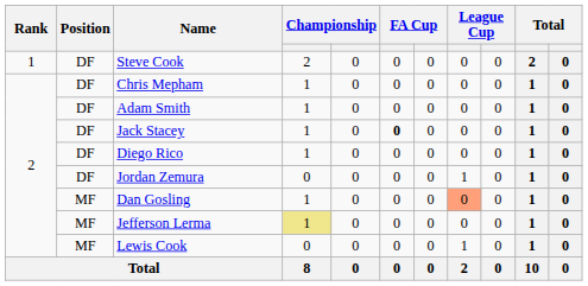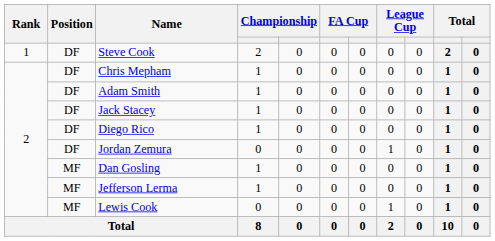 <table class="wikitable" style="text-align: center;">
 <tr>
 <th rowspan="2" style="width:50px;">Rank</th>
 <th rowspan="2" style="width:50px;">Position</th>
 <th rowspan="2" style="width:180px;">Name</th>
 <th colspan="2"><a href='#'>Championship</a></th>
 <th colspan="2"><a href='#'>FA Cup</a></th>
 <th colspan="2"><a href='#'>League Cup</a></th>
 <th colspan="2"><strong>Total</strong></th>
 </tr>
 <tr>
 <th style="width:30px;"></th>
 <th style="width:30px;"></th>
 <th style="width:30px;"></th>
 <th style="width:30px;"></th>
 <th style="width:30px;"></th>
 <th style="width:30px;"></th>
 <th style="width:30px;"></th>
 <th style="width:30px;"></th>
 </tr>
 <tr>
 <td rowspan=1>1</td>
 <td>DF</td>
 <td align=left> <a href='#'>Steve Cook</a><br></td>
 <td>2</td>
 <td>0<br></td>
 <td>0</td>
 <td>0<br></td>
 <td>0</td>
 <td>0<br></td>
 <th>2</th>
 <th>0</th>
 </tr>
 <tr>
 <td rowspan=8>2</td>
 <td>DF</td>
 <td align=left> <a href='#'>Chris Mepham</a><br></td>
 <td>1</td>
 <td>0<br></td>
 <td>0</td>
 <td>0<br></td>
 <td>0</td>
 <td>0<br></td>
 <th>1</th>
 <th>0</th>
 </tr>
 <tr>
 <td>DF</td>
 <td align=left> <a href='#'>Adam Smith</a><br></td>
 <td>1</td>
 <td>0<br></td>
 <td>0</td>
 <td>0<br></td>
 <td>0</td>
 <td>0<br></td>
 <th>1</th>
 <th>0</th>
 </tr>
 <tr>
 <td>DF</td>
 <td align=left> <a href='#'>Jack Stacey</a><br></td>
 <td>1</td>
 <td>0<br></td>
-<td><strong>0</strong></td>
+<td>0</td>
 <td>0<br></td>
 <td>0</td>
 <td>0<br></td>
 <th>1</th>
 <th>0</th>
 </tr>
 <tr>
 <td>DF</td>
 <td align=left> <a href='#'>Diego Rico</a><br></td>
 <td>1</td>
 <td>0<br></td>
 <td>0</td>
 <td>0<br></td>
 <td>0</td>
 <td>0<br></td>
 <th>1</th>
 <th>0</th>
 </tr>
 <tr>
 <td>DF</td>
 <td align=left> <a href='#'>Jordan Zemura</a><br></td>
 <td>0</td>
 <td>0<br></td>
 <td>0</td>
 <td>0<br></td>
 <td>1</td>
 <td>0<br></td>
 <th>1</th>
 <th>0</th>
 </tr>
 <tr>
 <td>MF</td>
 <td align=left> <a href='#'>Dan Gosling</a><br></td>
 <td>1</td>
 <td>0<br></td>
 <td>0</td>
 <td>0<br></td>
-<td style="background: lightsalmon;">0</td>
+<td>0</td>
 <td>0<br></td>
 <th>1</th>
 <th>0</th>
 </tr>
 <tr>
 <td>MF</td>
 <td align=left> <a href='#'>Jefferson Lerma</a><br></td>
-<td style="background: khaki;">1</td>
+<td>1</td>
 <td>0<br></td>
 <td>0</td>
 <td>0<br></td>
 <td>0</td>
 <td>0<br></td>
 <th>1</th>
 <th>0</th>
 </tr>
 <tr>
 <td>MF</td>
 <td align=left> <a href='#'>Lewis Cook</a><br></td>
 <td>0</td>
 <td>0<br></td>
 <td>0</td>
 <td>0<br></td>
 <td>1</td>
 <td>0<br></td>
 <th>1</th>
 <th>0</th>
 </tr>
 <tr>
 <th colspan=3>Total</th>
 <th>8</th>
 <th>0</th>
 <th>0</th>
 <th>0</th>
 <th>2</th>
 <th>0</th>
 <th>10</th>
 <th>0</th>
 </tr>
 </table>
